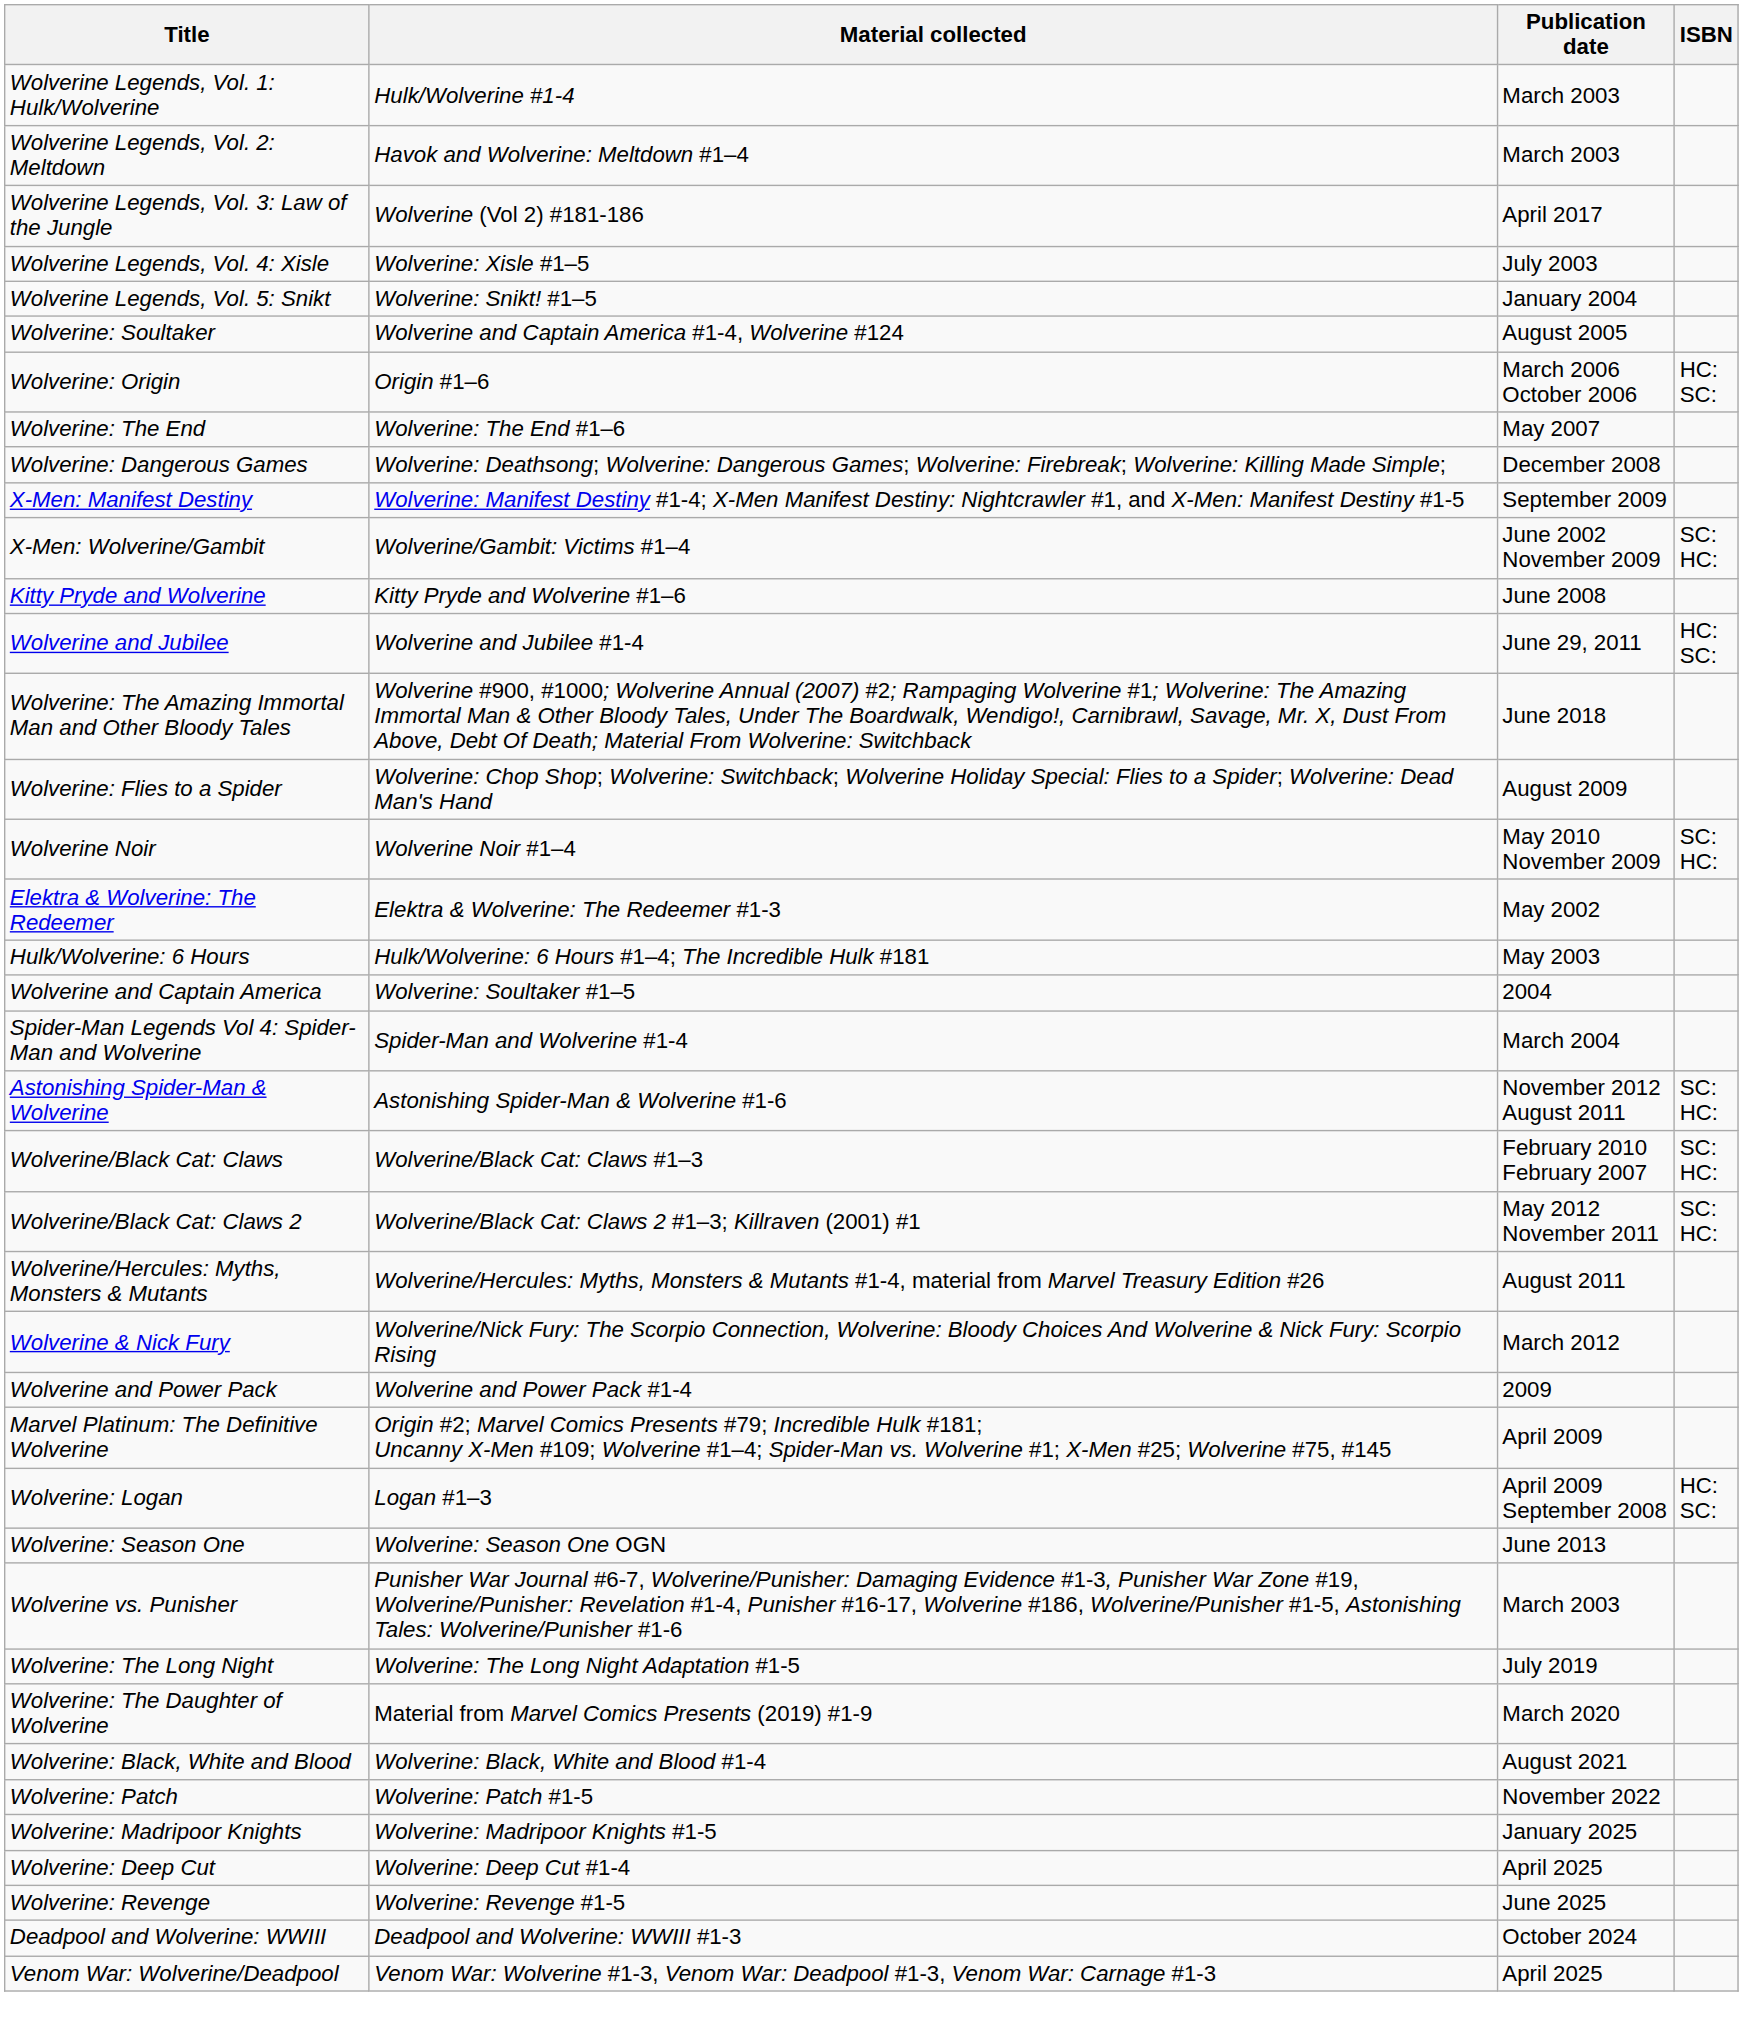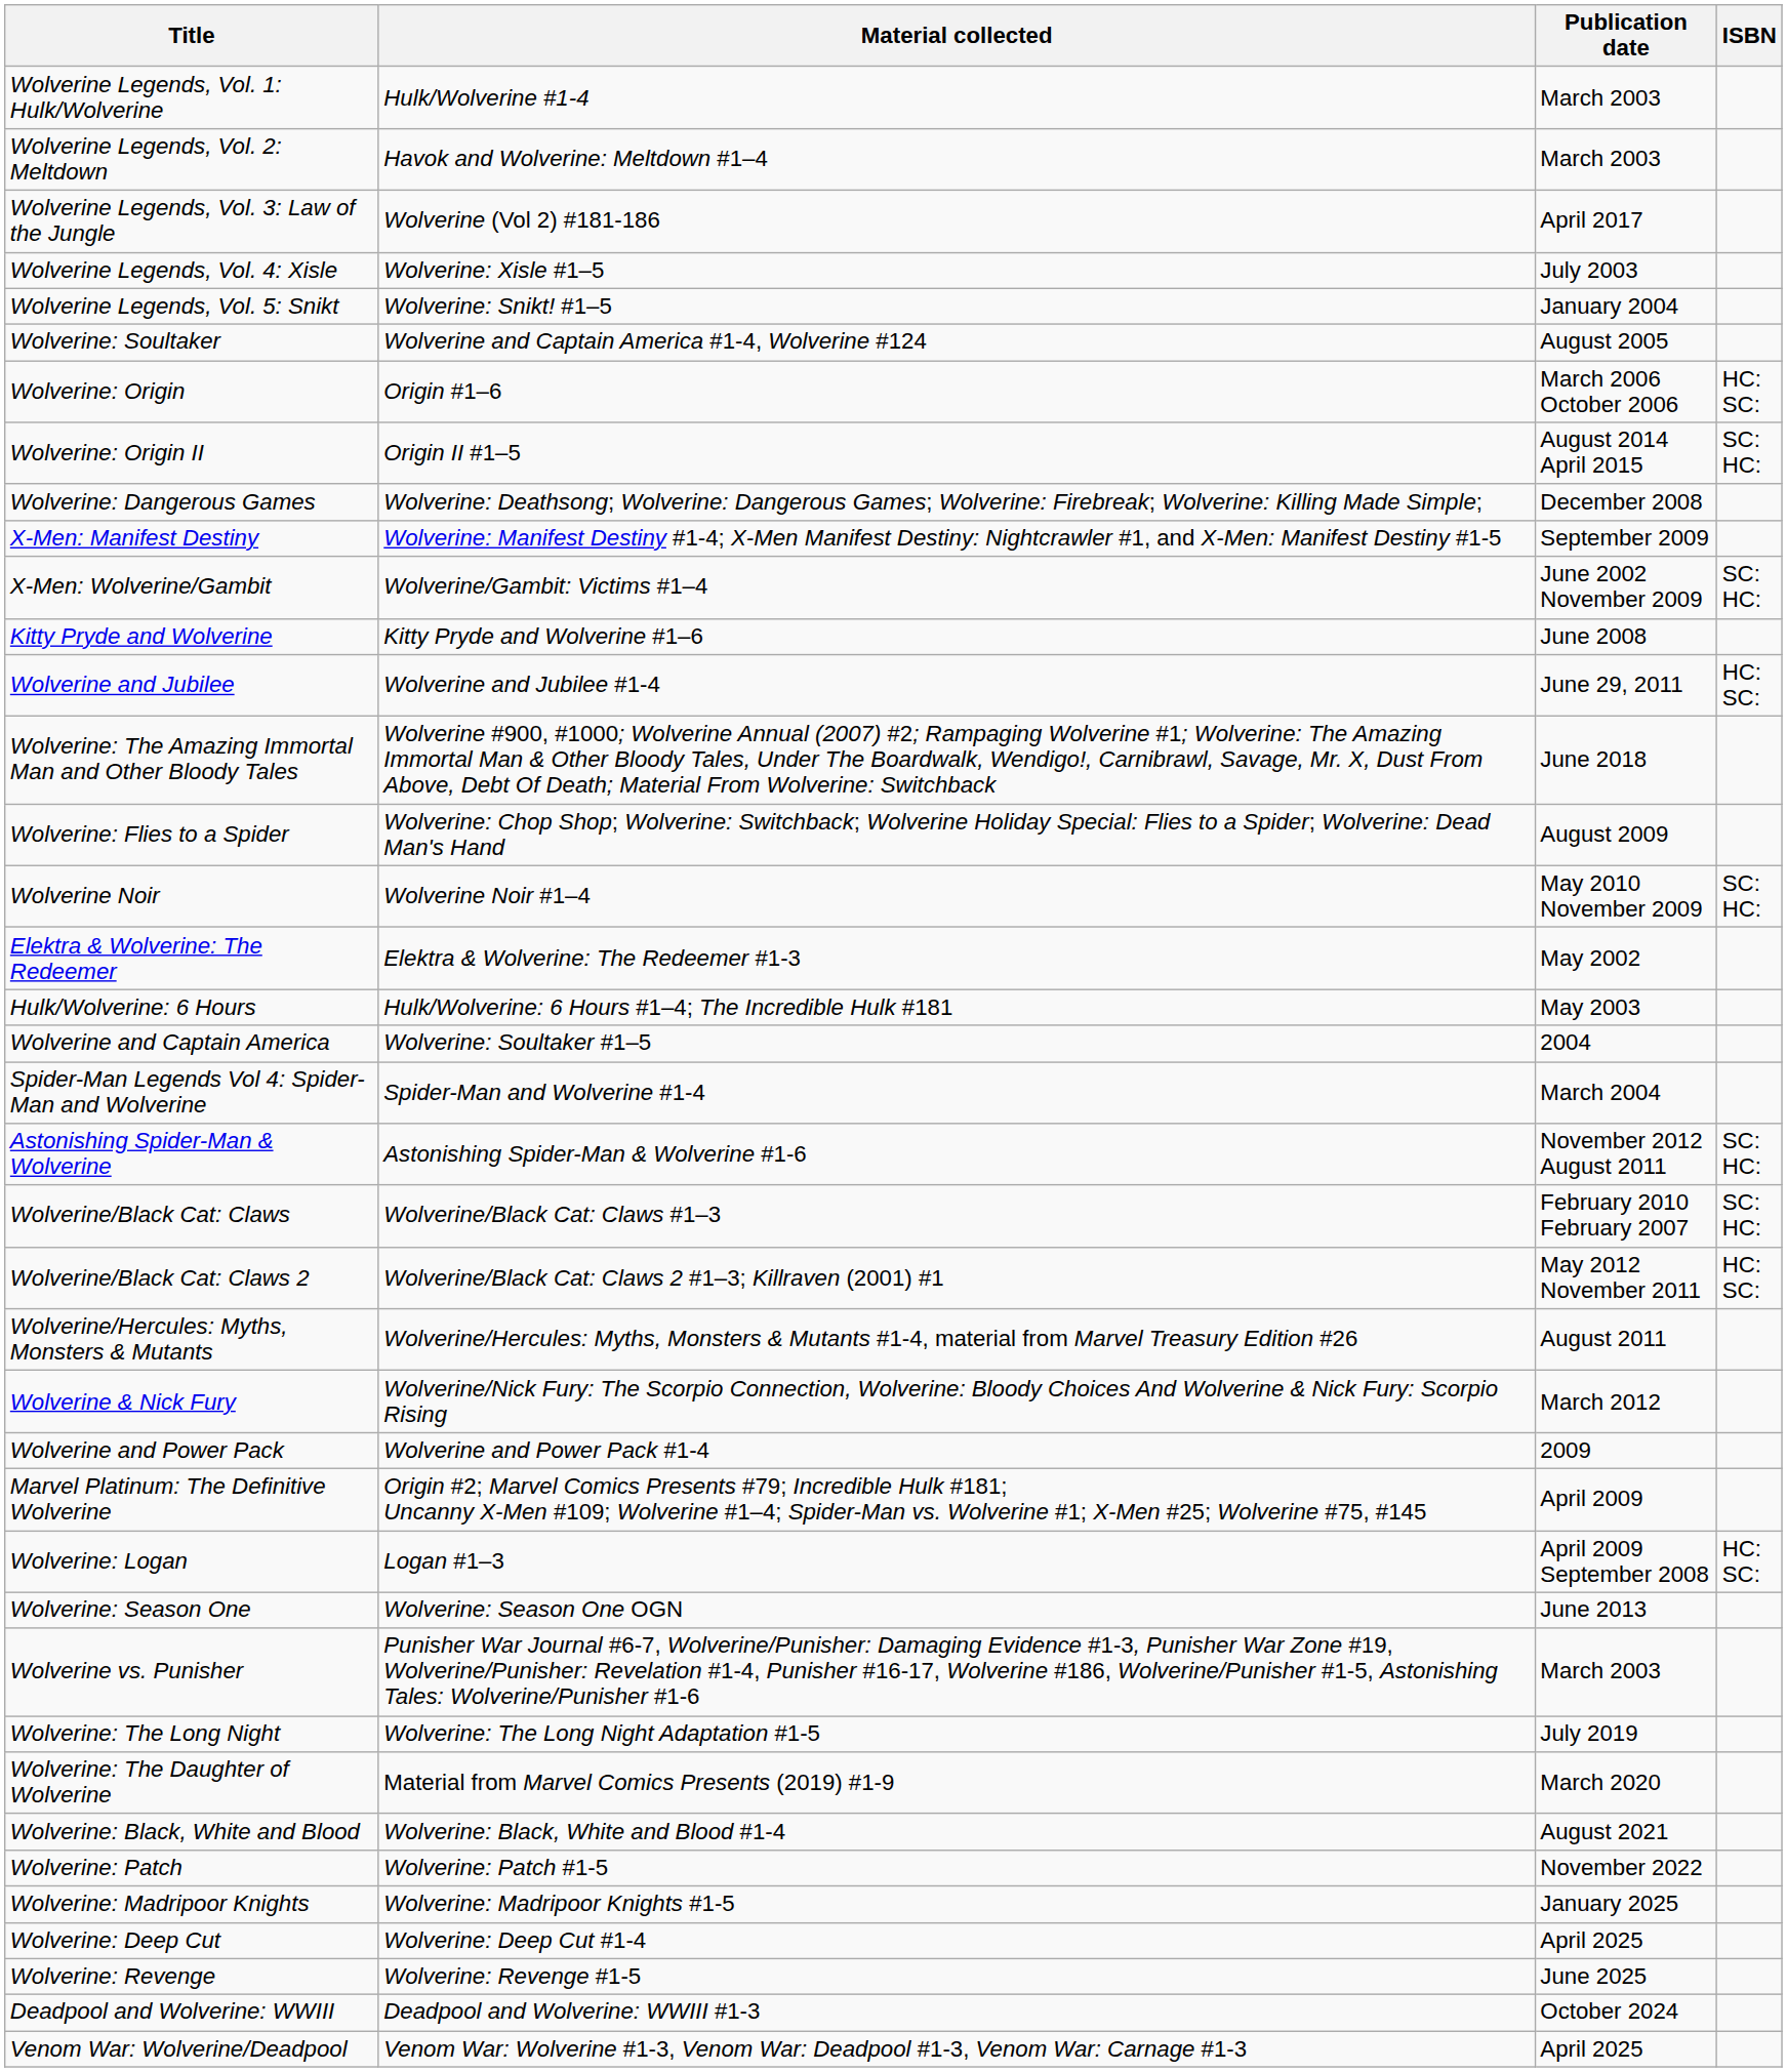 <table class="wikitable">
 <tr>
 <th>Title</th>
 <th>Material collected</th>
 <th>Publication date</th>
 <th>ISBN</th>
 </tr>
 <tr>
 <td><em>Wolverine Legends, Vol. 1: Hulk/Wolverine</em></td>
 <td><em>Hulk/Wolverine #1-4</em></td>
 <td>March 2003</td>
 <td></td>
 </tr>
 <tr>
 <td><em>Wolverine Legends, Vol. 2: Meltdown</em></td>
 <td><em>Havok and Wolverine: Meltdown</em> #1–4</td>
 <td>March 2003</td>
 <td></td>
 </tr>
 <tr>
 <td><em>Wolverine Legends, Vol. 3: Law of the Jungle</em></td>
 <td><em>Wolverine</em> (Vol 2) #181-186</td>
 <td>April 2017</td>
 <td></td>
 </tr>
 <tr>
 <td><em>Wolverine Legends, Vol. 4: Xisle</em></td>
 <td><em>Wolverine: Xisle</em> #1–5</td>
 <td>July 2003</td>
 <td></td>
 </tr>
 <tr>
 <td><em>Wolverine Legends, Vol. 5: Snikt</em></td>
 <td><em>Wolverine: Snikt!</em> #1–5</td>
 <td>January 2004</td>
 <td></td>
 </tr>
 <tr>
 <td><em>Wolverine: Soultaker</em></td>
 <td><em>Wolverine and Captain America</em> #1-4, <em>Wolverine</em> #124</td>
 <td>August 2005</td>
 <td></td>
 </tr>
 <tr>
 <td><em>Wolverine: Origin</em></td>
 <td><em>Origin</em> #1–6</td>
 <td>March 2006<br>October 2006</td>
 <td>HC: <br> SC: </td>
 </tr>
 <tr>
-<td><em>Wolverine: The End</em></td>
-<td><em>Wolverine: The End</em> #1–6</td>
-<td>May 2007</td>
-<td></td>
+<td><em>Wolverine: Origin II</em></td>
+<td><em>Origin II</em> #1–5</td>
+<td>August 2014<br>April 2015</td>
+<td style="white-space:nowrap">SC: <br>HC: </td>
 </tr>
 <tr>
 <td><em>Wolverine: Dangerous Games</em></td>
 <td><em>Wolverine: Deathsong</em>; <em>Wolverine: Dangerous Games</em>; <em>Wolverine: Firebreak</em>; <em>Wolverine: Killing Made Simple</em>;</td>
 <td>December 2008</td>
 <td></td>
 </tr>
 <tr>
 <td><em><a href='#'>X-Men: Manifest Destiny</a></em></td>
 <td><em><a href='#'>Wolverine: Manifest Destiny</a></em> #1-4; <em>X-Men Manifest Destiny: Nightcrawler</em> #1, and <em>X-Men: Manifest Destiny</em> #1-5</td>
 <td>September 2009</td>
 <td></td>
 </tr>
 <tr>
 <td><em>X-Men: Wolverine/Gambit</em></td>
 <td><em>Wolverine/Gambit: Victims</em> #1–4</td>
 <td>June 2002<br>November 2009</td>
 <td>SC: <br>HC: </td>
 </tr>
 <tr>
 <td><em><a href='#'>Kitty Pryde and Wolverine</a></em></td>
 <td><em>Kitty Pryde and Wolverine</em> #1–6</td>
 <td>June 2008</td>
 <td></td>
 </tr>
 <tr>
 <td><em><a href='#'>Wolverine and Jubilee</a></em></td>
 <td><em>Wolverine and Jubilee</em> #1-4</td>
 <td>June 29, 2011</td>
 <td>HC: <br> SC: </td>
 </tr>
 <tr>
 <td><em>Wolverine: The Amazing Immortal Man and Other Bloody Tales</em></td>
 <td><em>Wolverine</em> #900, #1000<em>; Wolverine Annual (2007)</em> #2<em>; Rampaging Wolverine</em> #1<em>; Wolverine: The Amazing Immortal Man & Other Bloody Tales, Under The Boardwalk, Wendigo!, Carnibrawl, Savage, Mr. X, Dust From Above, Debt Of Death; Material From Wolverine: Switchback</em></td>
 <td>June 2018</td>
 <td></td>
 </tr>
 <tr>
 <td><em>Wolverine: Flies to a Spider</em></td>
 <td><em>Wolverine: Chop Shop</em>; <em>Wolverine: Switchback</em>; <em>Wolverine Holiday Special: Flies to a Spider</em>; <em>Wolverine: Dead Man's Hand</em></td>
 <td>August 2009</td>
 <td></td>
 </tr>
 <tr>
 <td><em>Wolverine Noir</em></td>
 <td><em>Wolverine Noir</em> #1–4</td>
 <td>May 2010<br>November 2009</td>
 <td>SC: <br>HC: </td>
 </tr>
 <tr>
 <td><em><a href='#'>Elektra & Wolverine: The Redeemer</a></em></td>
 <td><em>Elektra & Wolverine: The Redeemer</em> #1-3</td>
 <td>May 2002</td>
 <td></td>
 </tr>
 <tr>
 <td><em>Hulk/Wolverine: 6 Hours</em></td>
 <td><em>Hulk/Wolverine: 6 Hours</em> #1–4; <em>The Incredible Hulk</em> #181</td>
 <td>May 2003</td>
 <td></td>
 </tr>
 <tr>
 <td><em>Wolverine and Captain America</em></td>
 <td><em>Wolverine: Soultaker</em> #1–5</td>
 <td>2004</td>
 <td></td>
 </tr>
 <tr>
 <td><em>Spider-Man Legends Vol 4: Spider-Man and Wolverine</em></td>
 <td><em>Spider-Man and Wolverine</em> #1-4</td>
 <td>March 2004</td>
 <td></td>
 </tr>
 <tr>
 <td><em><a href='#'>Astonishing Spider-Man & Wolverine</a></em></td>
 <td><em>Astonishing Spider-Man & Wolverine</em> #1-6</td>
 <td>November 2012<br>August 2011</td>
 <td>SC:<br>HC:</td>
 </tr>
 <tr>
 <td><em>Wolverine/Black Cat: Claws</em></td>
 <td><em>Wolverine/Black Cat: Claws</em> #1–3</td>
 <td>February 2010<br>February 2007</td>
 <td>SC: <br>HC: </td>
 </tr>
 <tr>
 <td><em>Wolverine/Black Cat: Claws 2</em></td>
 <td><em>Wolverine/Black Cat: Claws 2</em> #1–3; <em>Killraven</em> (2001) #1</td>
 <td>May 2012<br>November 2011</td>
-<td>SC:<br>HC:</td>
+<td>HC: <br> SC: </td>
 </tr>
 <tr>
 <td><em>Wolverine/Hercules: Myths, Monsters & Mutants</em></td>
 <td><em>Wolverine/Hercules: Myths, Monsters & Mutants</em> #1-4, material from <em>Marvel Treasury Edition</em> #26</td>
 <td>August 2011</td>
 <td></td>
 </tr>
 <tr>
 <td><em><a href='#'>Wolverine & Nick Fury</a></em></td>
 <td><em>Wolverine/Nick Fury: The Scorpio Connection, Wolverine: Bloody Choices And Wolverine & Nick Fury: Scorpio Rising</em></td>
 <td>March 2012</td>
 <td></td>
 </tr>
 <tr>
 <td><em>Wolverine and Power Pack</em></td>
 <td><em>Wolverine and Power Pack</em> #1-4</td>
 <td>2009</td>
 <td></td>
 </tr>
 <tr>
 <td><em>Marvel Platinum: The Definitive Wolverine</em></td>
 <td><em>Origin</em> #2; <em>Marvel Comics Presents</em> #79; <em>Incredible Hulk</em> #181;<br><em>Uncanny X-Men</em> #109; <em>Wolverine</em> #1–4; <em>Spider-Man vs. Wolverine</em> #1; <em>X-Men</em> #25; <em>Wolverine</em> #75, #145</td>
 <td>April 2009</td>
 <td></td>
 </tr>
 <tr>
 <td><em>Wolverine: Logan</em></td>
 <td><em>Logan</em> #1–3</td>
 <td style="white-space:nowrap">April 2009<br>September 2008</td>
 <td>HC: <br> SC: </td>
 </tr>
 <tr>
 <td><em>Wolverine: Season One</em></td>
 <td><em>Wolverine: Season One</em> OGN</td>
 <td>June 2013</td>
 <td></td>
 </tr>
 <tr>
 <td><em>Wolverine vs. Punisher</em></td>
 <td><em>Punisher War Journal</em> #6-7, <em>Wolverine/Punisher: Damaging Evidence</em> #1-3<em>, Punisher War Zone</em> #19, <em>Wolverine/Punisher: Revelation</em> #1-4, <em>Punisher</em> #16-17, <em>Wolverine</em> #186, <em>Wolverine/Punisher</em> #1-5, <em>Astonishing Tales: Wolverine/Punisher</em> #1-6</td>
 <td>March 2003</td>
 <td></td>
 </tr>
 <tr>
 <td><em>Wolverine: The Long Night</em></td>
 <td><em>Wolverine: The Long Night Adaptation</em> #1-5</td>
 <td>July 2019</td>
 <td></td>
 </tr>
 <tr>
 <td><em>Wolverine: The Daughter of Wolverine</em></td>
 <td>Material from <em>Marvel Comics Presents</em> (2019) #1-9</td>
 <td>March 2020</td>
 <td></td>
 </tr>
 <tr>
 <td><em>Wolverine: Black, White and Blood</em></td>
 <td><em>Wolverine: Black, White and Blood</em> #1-4</td>
 <td>August 2021</td>
 <td></td>
 </tr>
 <tr>
 <td><em>Wolverine: Patch</em></td>
 <td><em>Wolverine: Patch</em> #1-5</td>
 <td>November 2022</td>
 <td></td>
 </tr>
 <tr>
 <td><em>Wolverine: Madripoor Knights</em></td>
 <td><em>Wolverine: Madripoor Knights</em> #1-5</td>
 <td>January 2025</td>
 <td></td>
 </tr>
 <tr>
 <td><em>Wolverine: Deep Cut</em></td>
 <td><em>Wolverine: Deep Cut</em> #1-4</td>
 <td>April 2025</td>
 <td></td>
 </tr>
 <tr>
 <td><em>Wolverine: Revenge</em></td>
 <td><em>Wolverine: Revenge</em> #1-5</td>
 <td>June 2025</td>
 <td></td>
 </tr>
 <tr>
 <td><em>Deadpool and Wolverine: WWIII</em></td>
 <td><em>Deadpool and Wolverine: WWIII</em> #1-3</td>
 <td>October 2024</td>
 <td></td>
 </tr>
 <tr>
 <td><em>Venom War: Wolverine/Deadpool</em></td>
 <td><em>Venom War: Wolverine</em> #1-3, <em>Venom War: Deadpool</em> #1-3, <em>Venom War: Carnage</em> #1-3</td>
 <td>April 2025</td>
 <td></td>
 </tr>
 </table>
